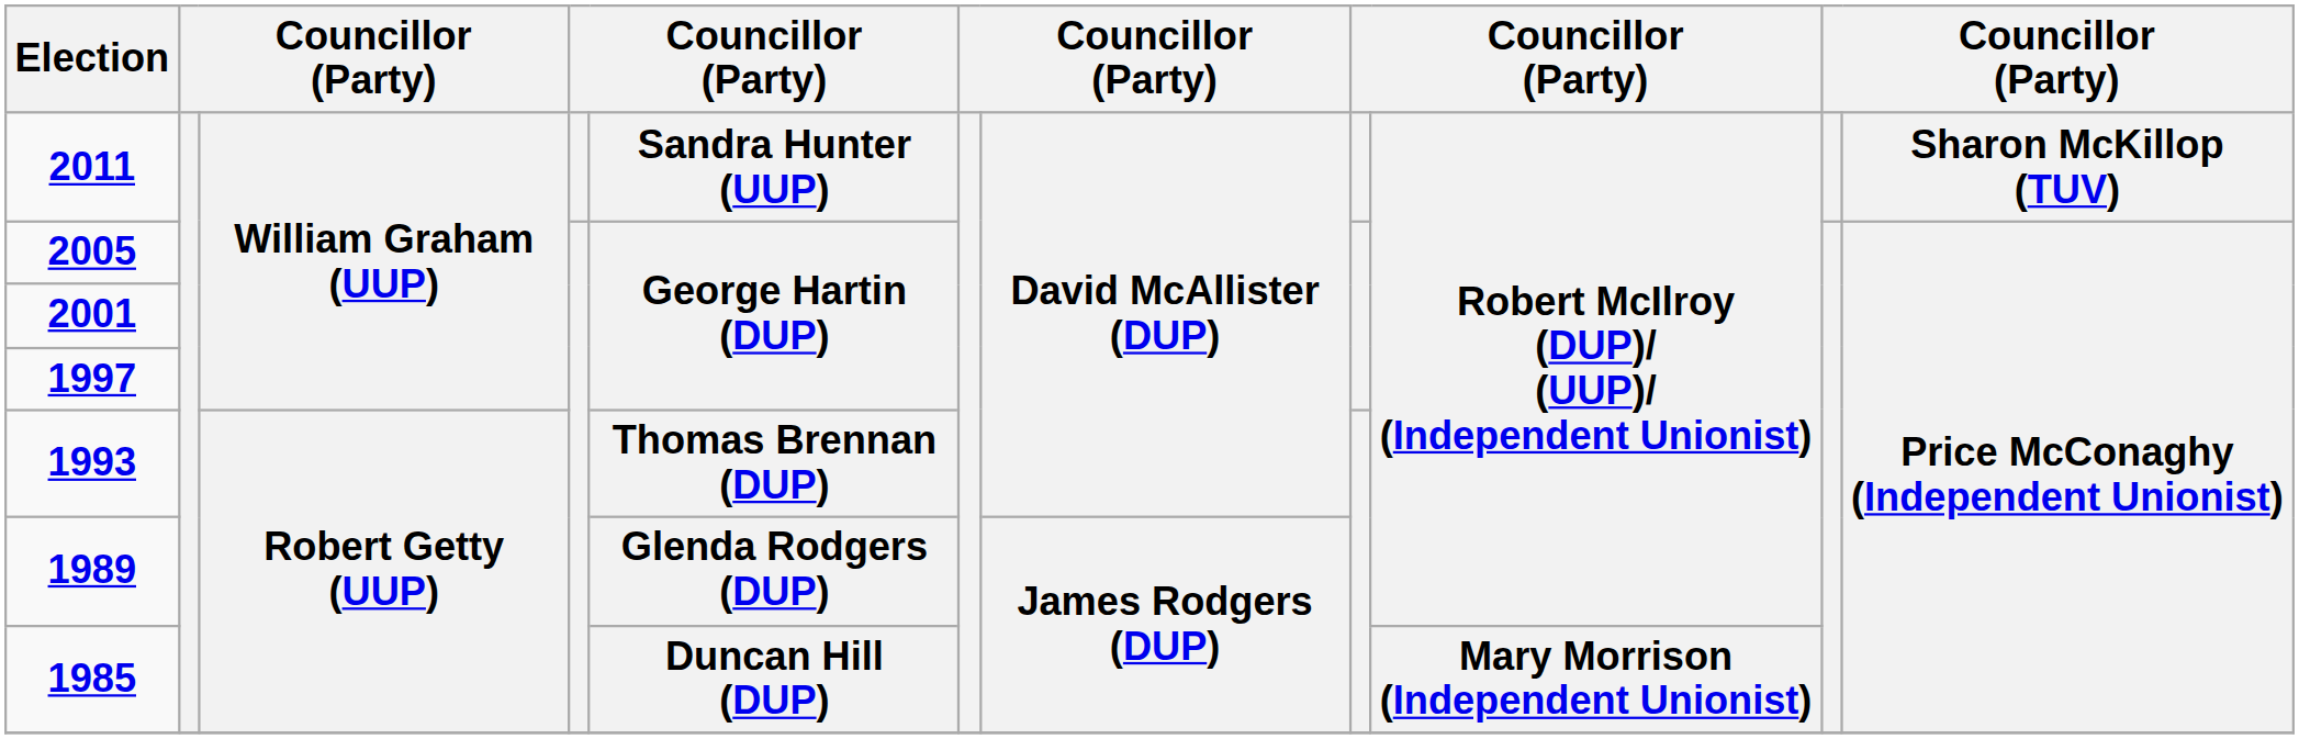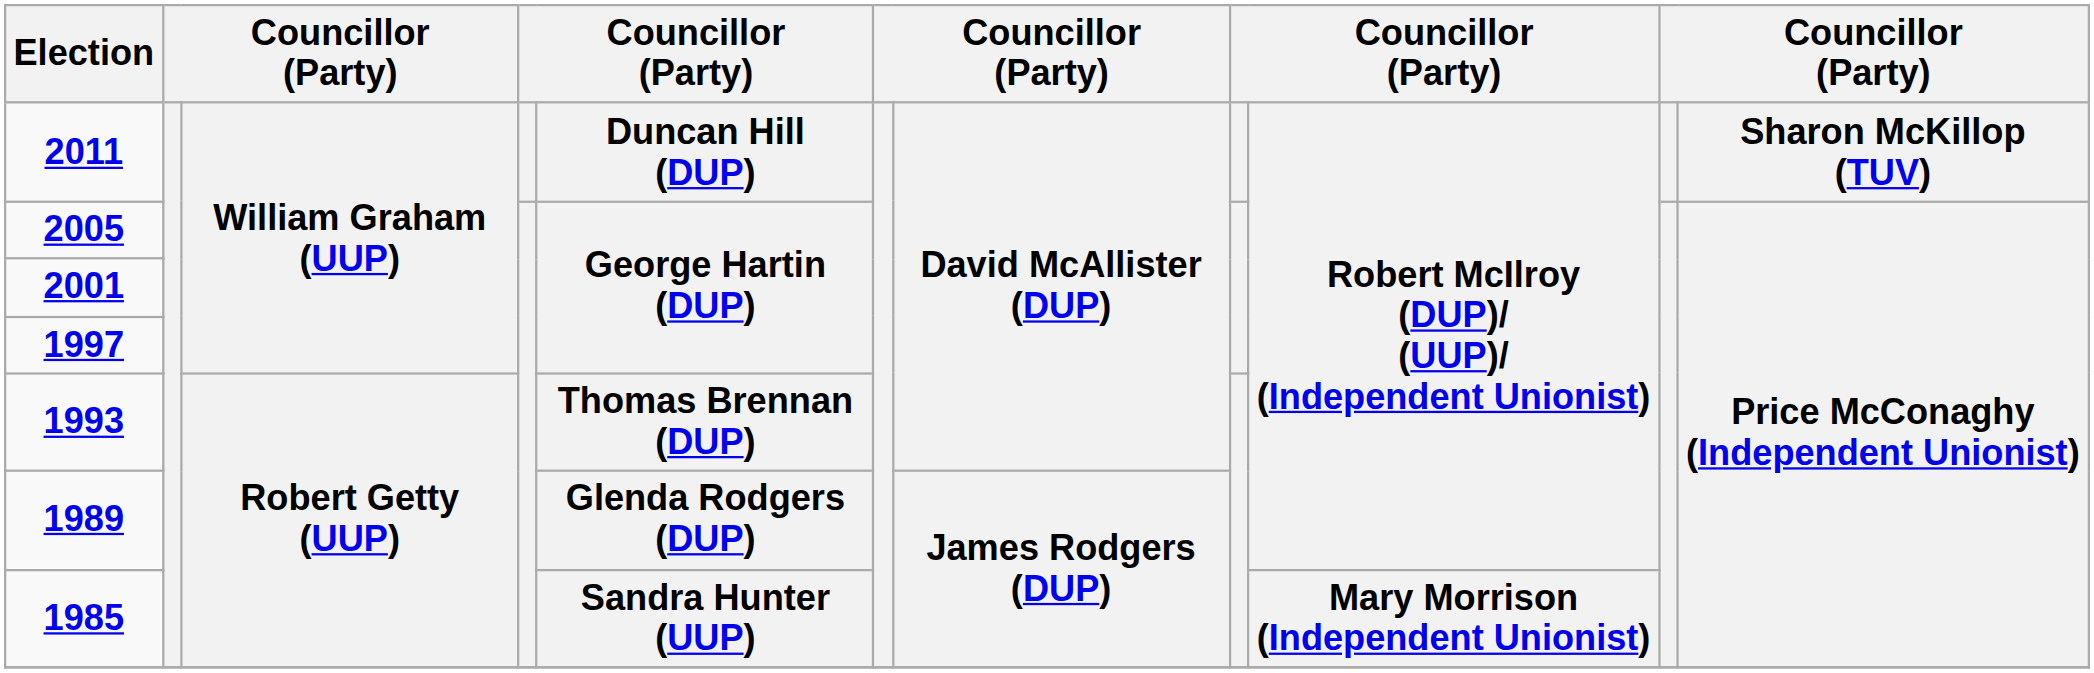 <table class="wikitable" style="text-align:center">
 <tr>
 <th scope="col" width="50">Election</th>
 <th scope="col" width="150" colspan = "2">Councillor<br> (Party)</th>
 <th scope="col" width="150" colspan = "2">Councillor<br> (Party)</th>
 <th scope="col" width="150" colspan = "2">Councillor<br> (Party)</th>
 <th scope="col" width="150" colspan = "2">Councillor<br> (Party)</th>
 <th scope="col" width="150" colspan = "2">Councillor<br> (Party)</th>
 </tr>
 <tr>
 <td><strong><a href='#'>2011</a></strong></td>
 <th rowspan="7" width="1" style="background-color: "></th>
 <th rowspan = "4">William Graham <br> (<a href='#'>UUP</a>)</th>
 <th rowspan="1" width="1" style="background-color: "></th>
-<th rowspan = "1">Sandra Hunter <br> (<a href='#'>UUP</a>)</th>
+<th rowspan = "1">Duncan Hill <br> (<a href='#'>DUP</a>)</th>
 <th rowspan="7" width="1" style="background-color: "></th>
 <th rowspan = "5">David McAllister <br> (<a href='#'>DUP</a>)</th>
 <th rowspan="1" width="1" style="background-color: "></th>
 <th rowspan = "6">Robert McIlroy <br> (<a href='#'>DUP</a>)/ <br> (<a href='#'>UUP</a>)/ <br> (<a href='#'>Independent Unionist</a>)</th>
 <th rowspan="1" width="1" style="background-color: "></th>
 <th rowspan = "1">Sharon McKillop <br> (<a href='#'>TUV</a>)</th>
 </tr>
 <tr>
 <td><strong><a href='#'>2005</a></strong></td>
 <th rowspan="6" width="1" style="background-color: "></th>
 <th rowspan = "3">George Hartin <br> (<a href='#'>DUP</a>)</th>
 <th rowspan="3" width="1" style="background-color: "></th>
 <th rowspan="6" width="1" style="background-color: "></th>
 <th rowspan = "6">Price McConaghy <br> (<a href='#'>Independent Unionist</a>)</th>
 </tr>
 <tr>
 <td><strong><a href='#'>2001</a></strong></td>
 </tr>
 <tr>
 <td><strong><a href='#'>1997</a></strong></td>
 </tr>
 <tr>
 <td><strong><a href='#'>1993</a></strong></td>
 <th rowspan = "3">Robert Getty <br> (<a href='#'>UUP</a>)</th>
 <th rowspan = "1">Thomas Brennan <br> (<a href='#'>DUP</a>)</th>
 <th rowspan="3" width="1" style="background-color: "></th>
 </tr>
 <tr>
 <td><strong><a href='#'>1989</a></strong></td>
 <th rowspan = "1">Glenda Rodgers <br> (<a href='#'>DUP</a>)</th>
 <th rowspan = "2">James Rodgers <br> (<a href='#'>DUP</a>)</th>
 </tr>
 <tr>
 <td><strong><a href='#'>1985</a></strong></td>
-<th rowspan = "1">Duncan Hill <br> (<a href='#'>DUP</a>)</th>
+<th rowspan = "1">Sandra Hunter <br> (<a href='#'>UUP</a>)</th>
 <th rowspan = "1">Mary Morrison <br> (<a href='#'>Independent Unionist</a>)</th>
 </tr>
 <tr>
 </tr>
 </table>
